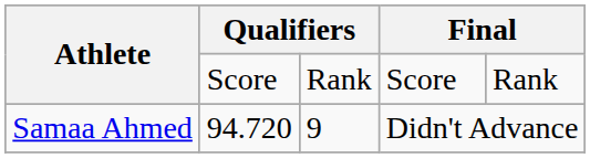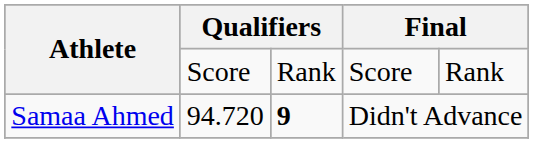 <table class="wikitable">
 <tr>
 <th rowspan="2">Athlete</th>
 <th colspan="2">Qualifiers</th>
 <th colspan="2">Final</th>
 </tr>
 <tr>
 <td>Score</td>
 <td>Rank</td>
 <td>Score</td>
 <td>Rank</td>
 </tr>
 <tr>
 <td><a href='#'>Samaa Ahmed</a></td>
 <td>94.720</td>
-<td>9</td>
+<td><strong>9</strong></td>
 <td colspan="2">Didn't Advance</td>
 </tr>
 </table>
